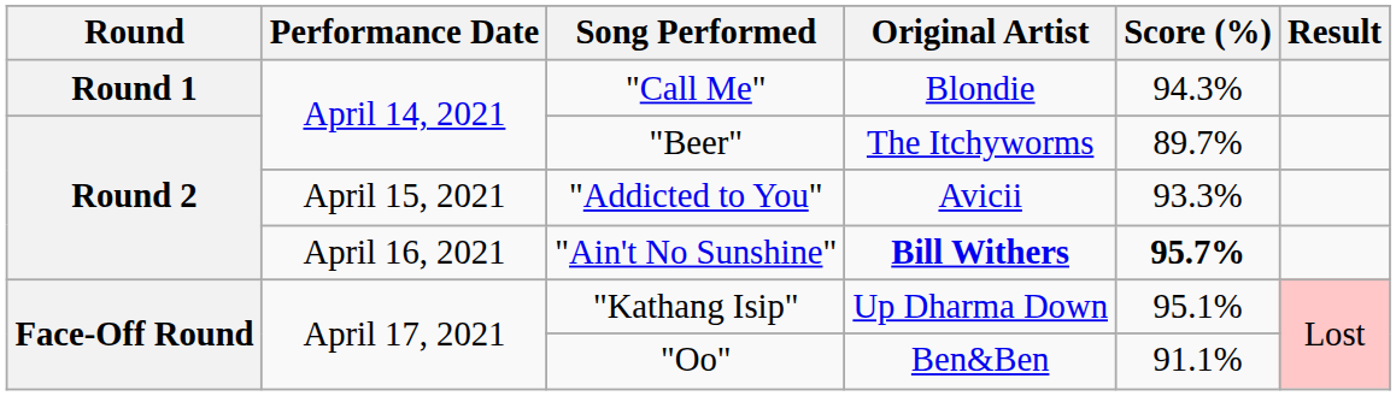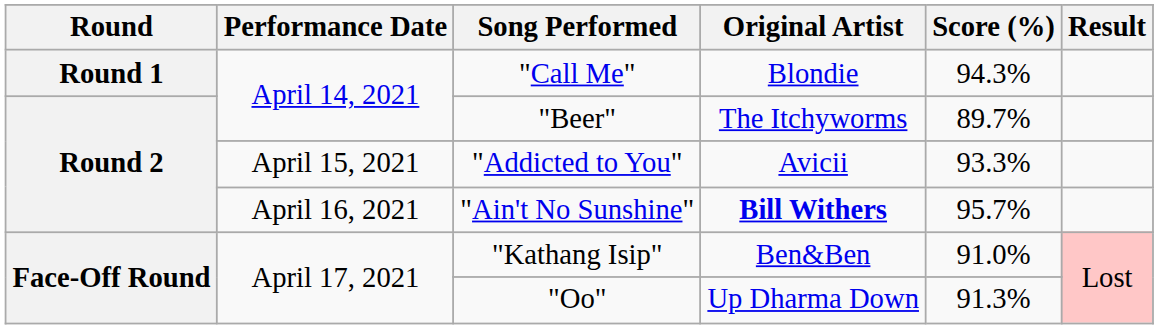 <table class="wikitable sortable" style="margin:1em auto; text-align:center;">
 <tr>
 <th>Round</th>
 <th>Performance Date</th>
 <th>Song Performed</th>
 <th>Original Artist</th>
 <th>Score (%)</th>
 <th>Result</th>
 </tr>
 <tr>
 <th>Round 1</th>
 <td rowspan="2"><a href='#'>April 14, 2021</a></td>
 <td>"<a href='#'>Call Me</a>"</td>
 <td><a href='#'>Blondie</a></td>
 <td>94.3%</td>
 <td></td>
 </tr>
 <tr>
 <th rowspan="3">Round 2</th>
 <td>"Beer"</td>
 <td><a href='#'>The Itchyworms</a></td>
 <td>89.7%</td>
 <td></td>
 </tr>
 <tr>
 <td>April 15, 2021</td>
 <td>"<a href='#'>Addicted to You</a>"</td>
 <td><a href='#'>Avicii</a></td>
 <td>93.3%</td>
 <td></td>
 </tr>
 <tr>
 <td>April 16, 2021</td>
 <td>"<a href='#'>Ain't No Sunshine</a>"</td>
 <td><strong><a href='#'>Bill Withers</a></strong></td>
-<td><strong>95.7%</strong></td>
+<td>95.7%</td>
 <td></td>
 </tr>
 <tr>
 <th rowspan="2">Face-Off Round</th>
 <td rowspan="2">April 17, 2021</td>
 <td>"Kathang Isip"</td>
-<td><a href='#'>Up Dharma Down</a></td>
-<td>95.1%</td>
+<td><a href='#'>Ben&Ben</a></td>
+<td>91.0%</td>
 <td rowspan="2" style="background:#FFC7C7;">Lost</td>
 </tr>
 <tr>
 <td>"Oo"</td>
-<td><a href='#'>Ben&Ben</a></td>
-<td>91.1%</td>
+<td><a href='#'>Up Dharma Down</a></td>
+<td>91.3%</td>
 </tr>
 </table>
